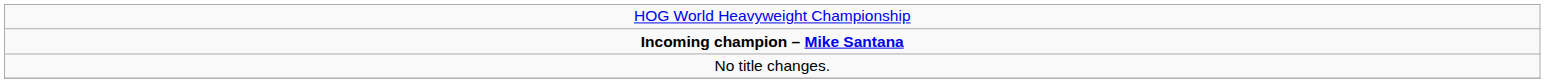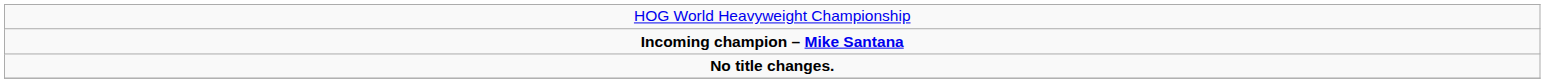 <table class="wikitable" style="text-align:center; width:100%;">
 <tr>
 <td colspan="4" style="text-align: center;"><a href='#'>HOG World Heavyweight Championship</a></td>
 </tr>
 <tr>
 <td colspan="4" style="text-align: center;"><strong>Incoming champion – <a href='#'>Mike Santana</a></strong></td>
 </tr>
 <tr>
-<td>No title changes.</td>
+<td><strong>No title changes.</strong></td>
 </tr>
 <tr>
 </tr>
 </table>
